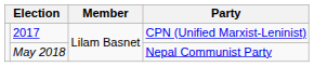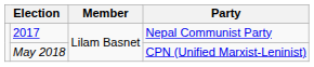 <table class="wikitable">
 <tr>
 <th colspan="2">Election</th>
 <th>Member</th>
 <th>Party</th>
 </tr>
 <tr>
 <td rowspan="2" style="background-color:"></td>
 <td><a href='#'>2017</a></td>
 <td rowspan="2">Lilam Basnet</td>
-<td><a href='#'>CPN (Unified Marxist-Leninist)</a></td>
+<td><a href='#'>Nepal Communist Party</a></td>
 </tr>
 <tr>
 <td><em>May 2018</em></td>
-<td><a href='#'>Nepal Communist Party</a></td>
+<td><a href='#'>CPN (Unified Marxist-Leninist)</a></td>
 </tr>
 </table>
